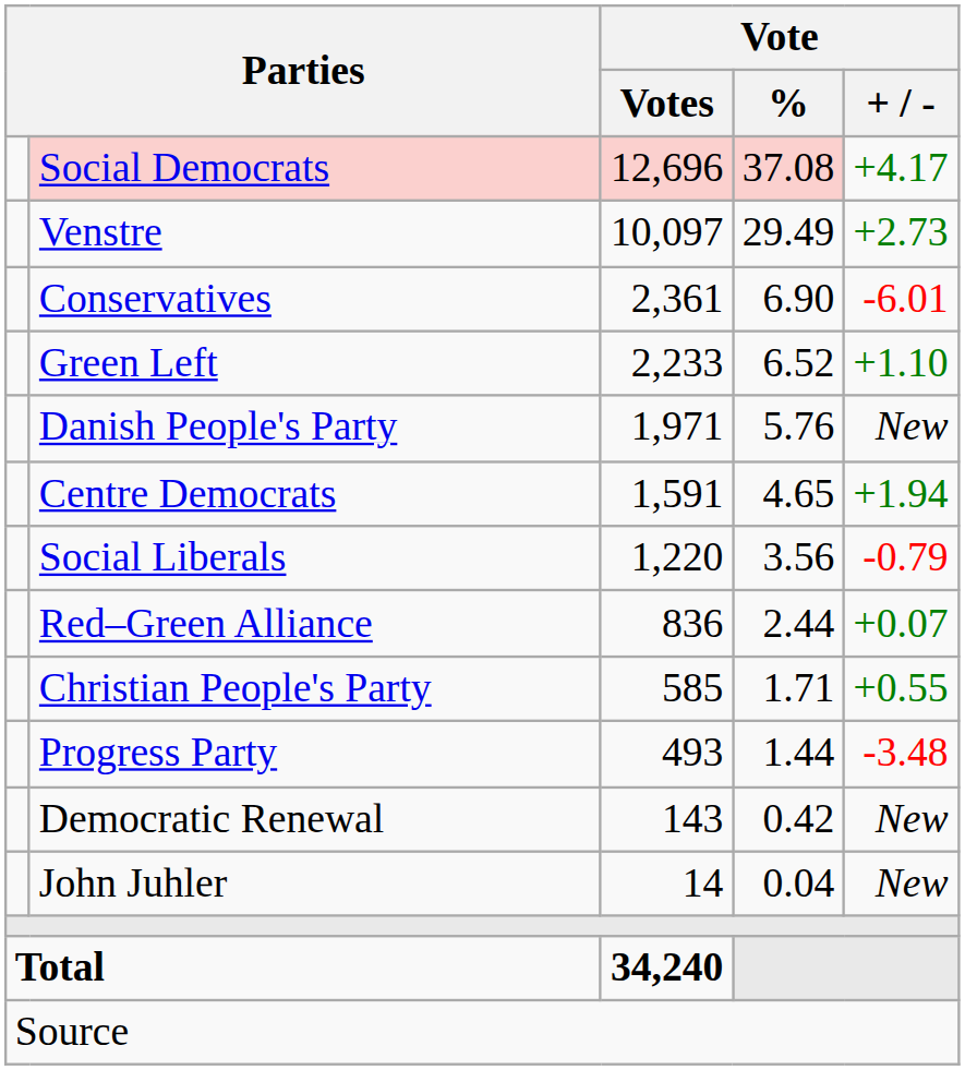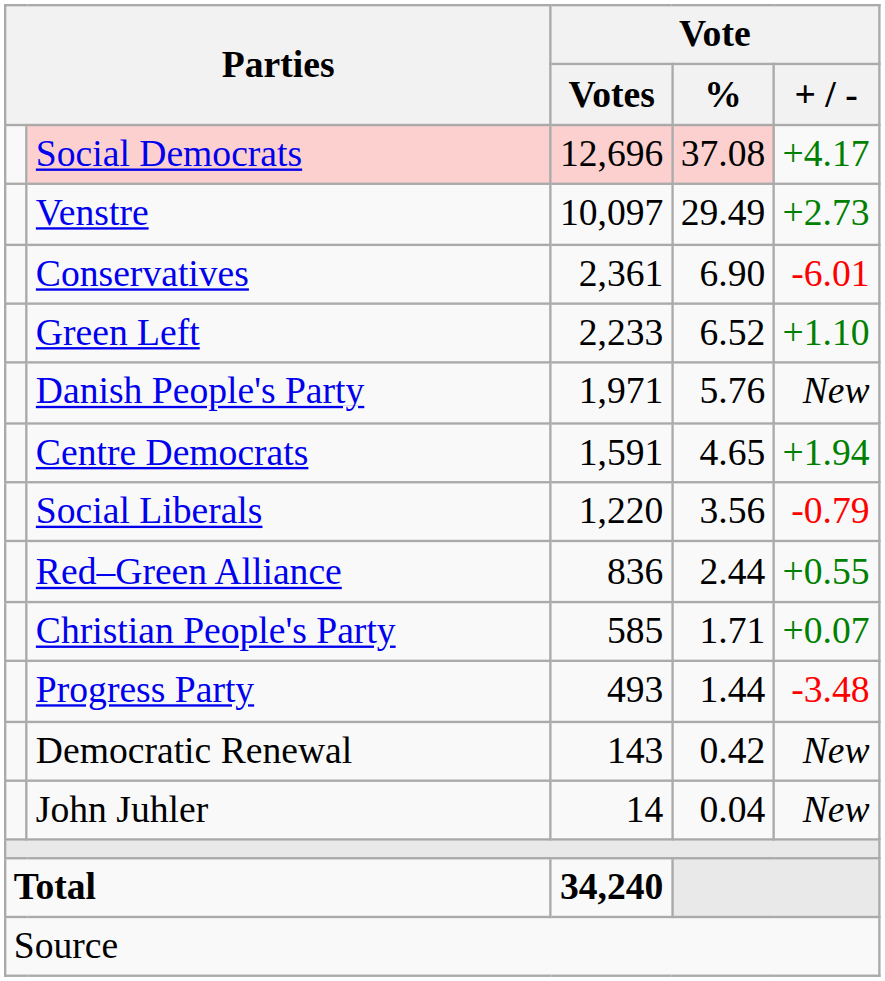 <table class="wikitable" style="text-align:right;">
 <tr>
 <th style="text-align:centre;" rowspan="2" colspan="2" width="225">Parties</th>
 <th colspan="3">Vote</th>
 </tr>
 <tr>
 <th width="15">Votes</th>
 <th width="15">%</th>
 <th width="15">+ / -</th>
 </tr>
 <tr>
 <td width="2" style="color:inherit;background:"></td>
 <td bgcolor=#fbd0ce  align="left"><a href='#'>Social Democrats</a></td>
 <td bgcolor=#fbd0ce>12,696</td>
 <td bgcolor=#fbd0ce>37.08</td>
 <td style=color:green;>+4.17</td>
 </tr>
 <tr>
 <td width="2" style="color:inherit;background:"></td>
 <td align="left"><a href='#'>Venstre</a></td>
 <td>10,097</td>
 <td>29.49</td>
 <td style=color:green;>+2.73</td>
 </tr>
 <tr>
 <td width="2" style="color:inherit;background:"></td>
 <td align="left"><a href='#'>Conservatives</a></td>
 <td>2,361</td>
 <td>6.90</td>
 <td style=color:red;>-6.01</td>
 </tr>
 <tr>
 <td width="2" style="color:inherit;background:"></td>
 <td align="left"><a href='#'>Green Left</a></td>
 <td>2,233</td>
 <td>6.52</td>
 <td style=color:green;>+1.10</td>
 </tr>
 <tr>
 <td width="2" style="color:inherit;background:"></td>
 <td align="left"><a href='#'>Danish People's Party</a></td>
 <td>1,971</td>
 <td>5.76</td>
 <td><em>New</em></td>
 </tr>
 <tr>
 <td width="2" style="color:inherit;background:"></td>
 <td align="left"><a href='#'>Centre Democrats</a></td>
 <td>1,591</td>
 <td>4.65</td>
 <td style=color:green;>+1.94</td>
 </tr>
 <tr>
 <td width="2" style="color:inherit;background:"></td>
 <td align="left"><a href='#'>Social Liberals</a></td>
 <td>1,220</td>
 <td>3.56</td>
 <td style=color:red;>-0.79</td>
 </tr>
 <tr>
 <td width="2" style="color:inherit;background:"></td>
 <td align="left"><a href='#'>Red–Green Alliance</a></td>
 <td>836</td>
 <td>2.44</td>
-<td style=color:green;>+0.07</td>
+<td style=color:green;>+0.55</td>
 </tr>
 <tr>
 <td width="2" style="color:inherit;background:"></td>
 <td align="left"><a href='#'>Christian People's Party</a></td>
 <td>585</td>
 <td>1.71</td>
-<td style=color:green;>+0.55</td>
+<td style=color:green;>+0.07</td>
 </tr>
 <tr>
 <td width="2" style="color:inherit;background:"></td>
 <td align="left"><a href='#'>Progress Party</a></td>
 <td>493</td>
 <td>1.44</td>
 <td style=color:red;>-3.48</td>
 </tr>
 <tr>
 <td width="2" style="color:inherit;background:"></td>
 <td align="left">Democratic Renewal</td>
 <td>143</td>
 <td>0.42</td>
 <td><em>New</em></td>
 </tr>
 <tr>
 <td width="2" style="color:inherit;background:"></td>
 <td align="left">John Juhler</td>
 <td>14</td>
 <td>0.04</td>
 <td><em>New</em></td>
 </tr>
 <tr>
 <td colspan="7" bgcolor="#E9E9E9"></td>
 </tr>
 <tr>
 <td align="left" colspan="2"><strong>Total</strong></td>
 <td><strong>34,240</strong></td>
 <td bgcolor="#E9E9E9" colspan="2"></td>
 </tr>
 <tr>
 <td align="left" colspan="6">Source</td>
 </tr>
 </table>
